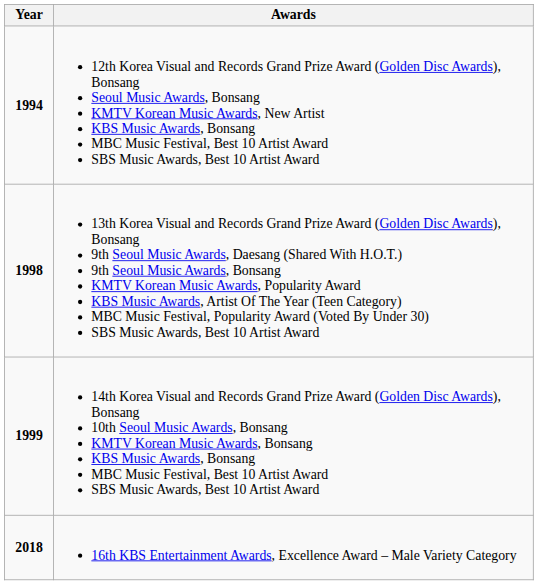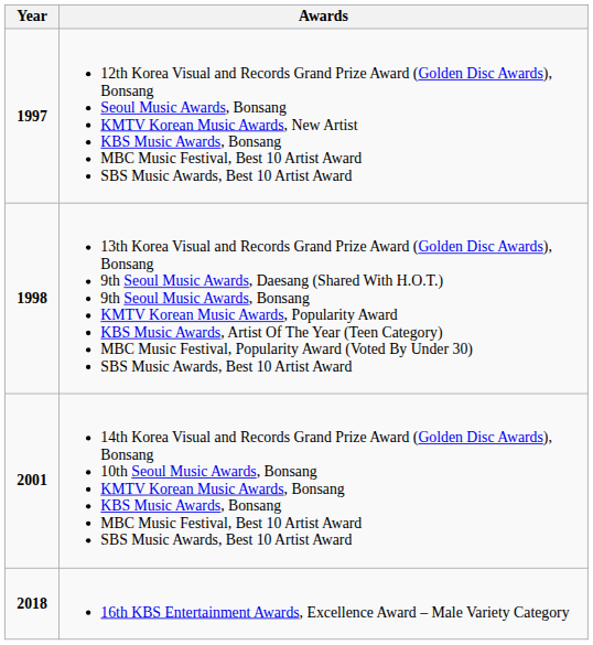 <table class="wikitable">
 <tr>
 <th align="left" width="50px">Year</th>
 <th align="left" width="550px">Awards</th>
 </tr>
 <tr>
-<td align="center"><strong>1994</strong></td>
+<td align="center"><strong>1997</strong></td>
 <td align="left"><br><ul><li>12th Korea Visual and Records Grand Prize Award (<a href='#'>Golden Disc Awards</a>), Bonsang</li><li><a href='#'>Seoul Music Awards</a>, Bonsang</li><li><a href='#'>KMTV Korean Music Awards</a>, New Artist</li><li><a href='#'>KBS Music Awards</a>, Bonsang</li><li>MBC Music Festival, Best 10 Artist Award</li><li>SBS Music Awards, Best 10 Artist Award</li></ul></td>
 </tr>
 <tr>
 <td align="center"><strong>1998</strong></td>
 <td align="left"><br><ul><li>13th Korea Visual and Records Grand Prize Award (<a href='#'>Golden Disc Awards</a>), Bonsang</li><li>9th <a href='#'>Seoul Music Awards</a>, Daesang (Shared With H.O.T.)</li><li>9th <a href='#'>Seoul Music Awards</a>, Bonsang</li><li><a href='#'>KMTV Korean Music Awards</a>, Popularity Award</li><li><a href='#'>KBS Music Awards</a>, Artist Of The Year (Teen Category)</li><li>MBC Music Festival, Popularity Award (Voted By Under 30)</li><li>SBS Music Awards, Best 10 Artist Award</li></ul></td>
 </tr>
 <tr>
-<td align="center"><strong>1999</strong></td>
+<td align="center"><strong>2001</strong></td>
 <td align="left"><br><ul><li>14th Korea Visual and Records Grand Prize Award (<a href='#'>Golden Disc Awards</a>), Bonsang</li><li>10th <a href='#'>Seoul Music Awards</a>, Bonsang</li><li><a href='#'>KMTV Korean Music Awards</a>, Bonsang</li><li><a href='#'>KBS Music Awards</a>, Bonsang</li><li>MBC Music Festival, Best 10 Artist Award</li><li>SBS Music Awards, Best 10 Artist Award</li></ul></td>
 </tr>
 <tr>
 <td align="center"><strong>2018</strong></td>
 <td align="left"><br><ul><li><a href='#'>16th KBS Entertainment Awards</a>, Excellence Award – Male Variety Category</li></ul></td>
 </tr>
 </table>
